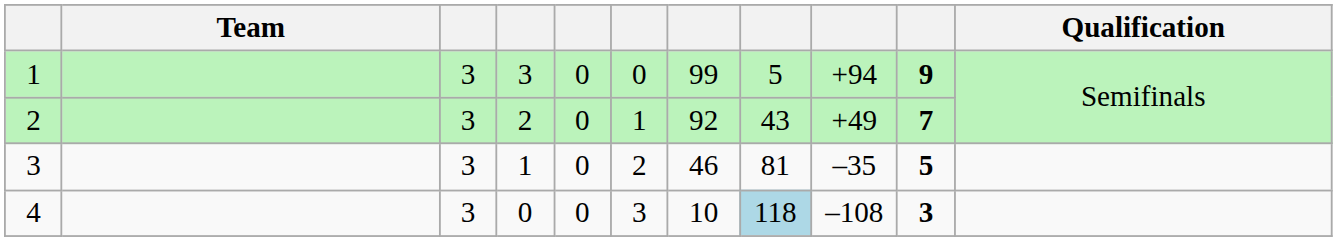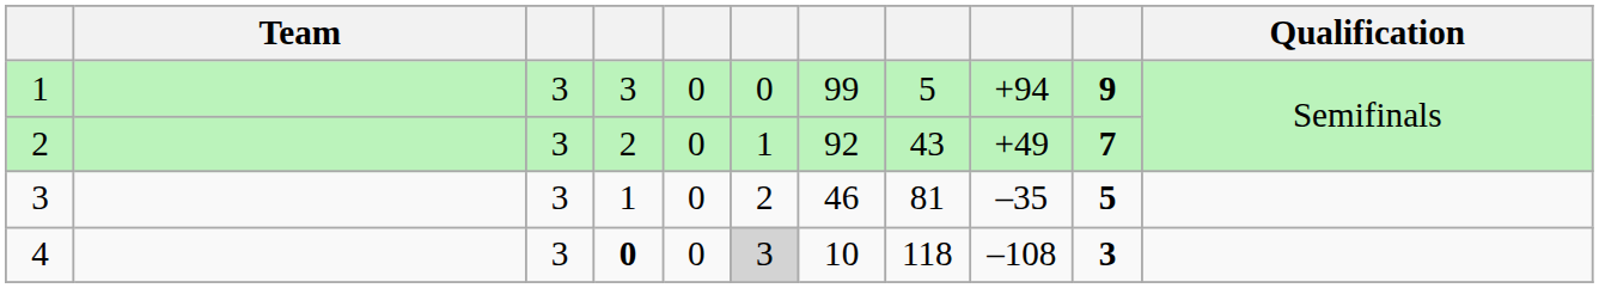 <table class="wikitable" style="text-align:center;">
 <tr>
 <th style="width:1.5em;"></th>
 <th style="width:12.5em">Team</th>
 <th style="width:1.5em;"></th>
 <th style="width:1.5em;"></th>
 <th style="width:1.5em;"></th>
 <th style="width:1.5em;"></th>
 <th style="width:2.0em;"></th>
 <th style="width:2.0em;"></th>
 <th style="width:2.5em;"></th>
 <th style="width:1.5em;"></th>
 <th style="width:12.5em">Qualification</th>
 </tr>
 <tr bgcolor="#bbf3bb">
 <td>1</td>
 <td align="left"></td>
 <td>3</td>
 <td>3</td>
 <td>0</td>
 <td>0</td>
 <td>99</td>
 <td>5</td>
 <td>+94</td>
 <td><strong>9</strong></td>
 <td rowspan=2>Semifinals</td>
 </tr>
 <tr bgcolor="#bbf3bb">
 <td>2</td>
 <td align="left"></td>
 <td>3</td>
 <td>2</td>
 <td>0</td>
 <td>1</td>
 <td>92</td>
 <td>43</td>
 <td>+49</td>
 <td><strong>7</strong></td>
 </tr>
 <tr>
 <td>3</td>
 <td align="left"></td>
 <td>3</td>
 <td>1</td>
 <td>0</td>
 <td>2</td>
 <td>46</td>
 <td>81</td>
 <td>–35</td>
 <td><strong>5</strong></td>
 </tr>
 <tr>
 <td>4</td>
 <td align=left></td>
 <td>3</td>
+<td><strong>0</strong></td>
 <td>0</td>
-<td>0</td>
-<td>3</td>
+<td style="background: lightgrey;">3</td>
 <td>10</td>
-<td style="background: lightblue;">118</td>
+<td>118</td>
 <td>–108</td>
 <td><strong>3</strong></td>
 <td></td>
 </tr>
 </table>
